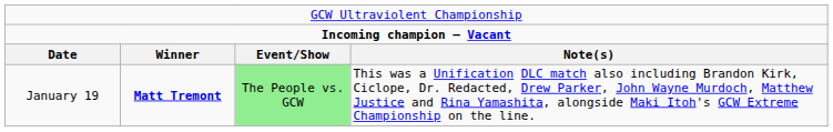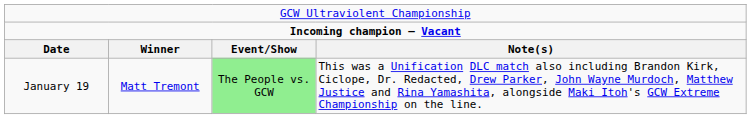 <table class="wikitable" style="text-align:center; width:100%;">
 <tr>
 <td colspan="4" style="text-align: center;"><a href='#'>GCW Ultraviolent Championship</a></td>
 </tr>
 <tr>
 <td colspan="4" style="text-align: center;"><strong>Incoming champion – <a href='#'>Vacant</a></strong></td>
 </tr>
 <tr>
 <th width=14%>Date</th>
 <th width=14%>Winner</th>
 <th width=14%>Event/Show</th>
 <th width=58%>Note(s)</th>
 </tr>
 <tr>
 <td>January 19</td>
-<td><strong><a href='#'>Matt Tremont</a></strong></td>
+<td><a href='#'>Matt Tremont</a></td>
 <td style="background: lightgreen;">The People vs. GCW</td>
 <td align=left>This was a <a href='#'>Unification</a> <a href='#'>DLC match</a> also including Brandon Kirk, Ciclope, Dr. Redacted, <a href='#'>Drew Parker</a>, <a href='#'>John Wayne Murdoch</a>, <a href='#'>Matthew Justice</a> and <a href='#'>Rina Yamashita</a>, alongside <a href='#'>Maki Itoh</a>'s <a href='#'>GCW Extreme Championship</a> on the line.</td>
 </tr>
 </table>
